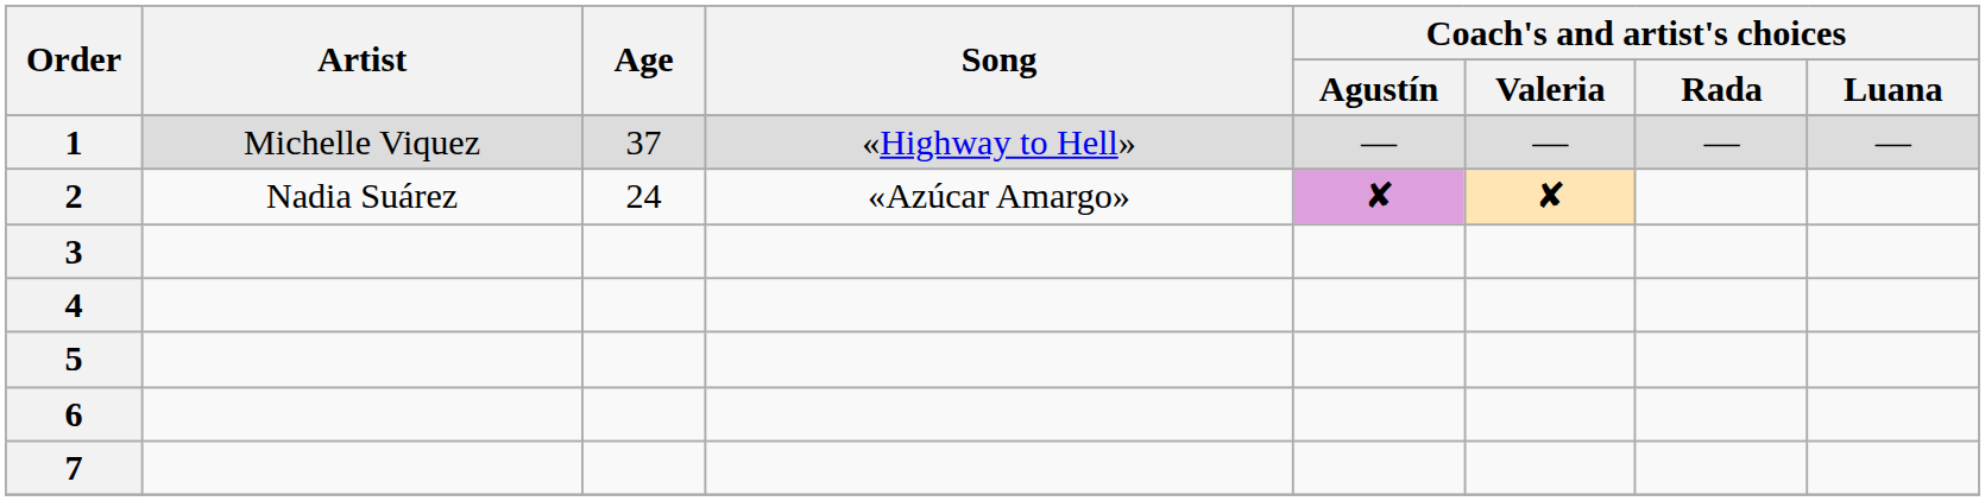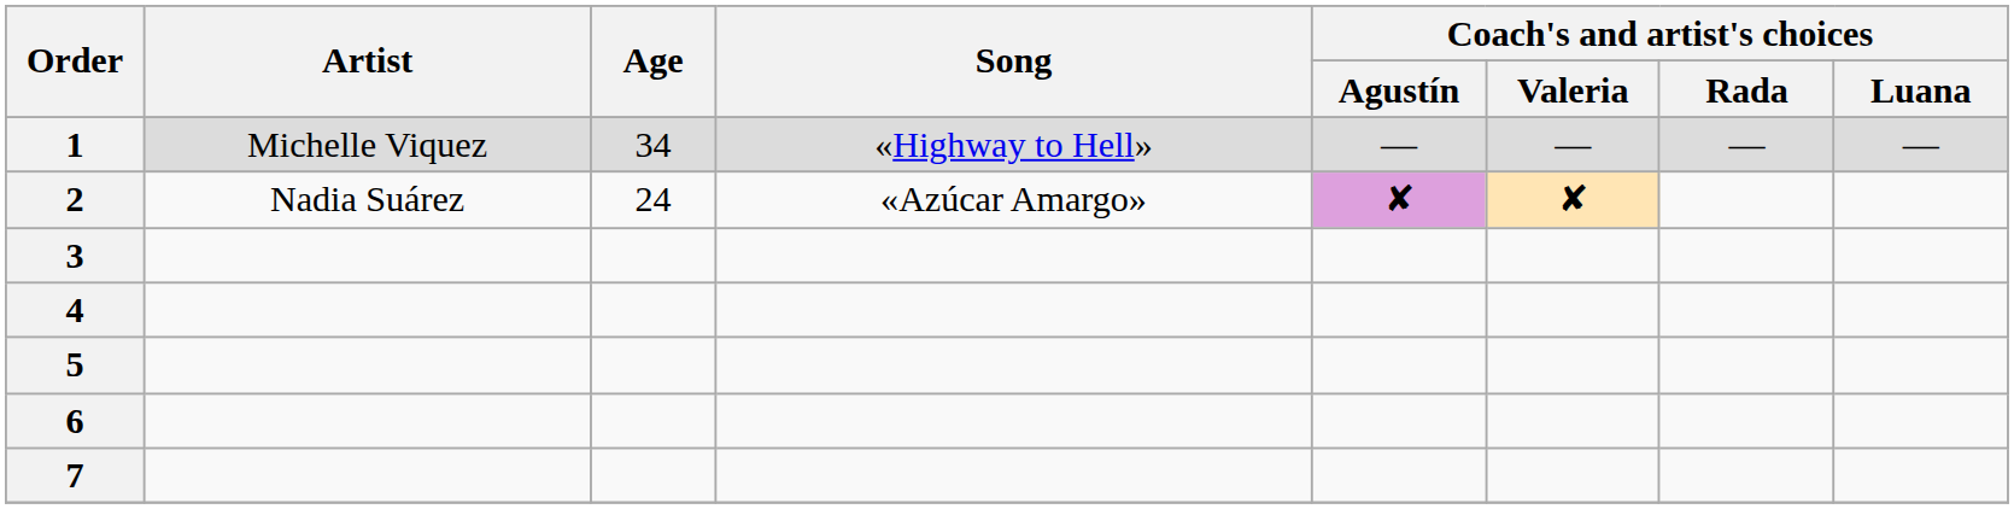 <table class="wikitable" style="text-align:center; line-height:17px; width:100%">
 <tr>
 <th scope="col" rowspan="2" style="width:05%">Order</th>
 <th scope="col" rowspan="2" style="width:18%">Artist</th>
 <th scope="col" rowspan="2" style="width:05%">Age</th>
 <th scope="col" rowspan="2" style="width:24%">Song</th>
 <th scope="col" colspan="4" style="width:28%">Coach's and artist's choices</th>
 </tr>
 <tr>
 <th style="width:07%">Agustín</th>
 <th style="width:07%">Valeria</th>
 <th style="width:07%">Rada</th>
 <th style="width:07%">Luana</th>
 </tr>
 <tr style="background:#dcdcdc">
 <th>1</th>
 <td>Michelle Viquez</td>
-<td>37</td>
+<td>34</td>
 <td>«<a href='#'>Highway to Hell</a>»</td>
 <td>—</td>
 <td>—</td>
 <td>—</td>
 <td>—</td>
 </tr>
 <tr>
 <th>2</th>
 <td>Nadia Suárez</td>
 <td>24</td>
 <td>«Azúcar Amargo»</td>
 <td style="background:#dda0dd">✘</td>
 <td style="background:#ffe5b4">✘</td>
 <td></td>
 <td></td>
 </tr>
 <tr>
 <th>3</th>
 <td></td>
 <td></td>
 <td></td>
 <td></td>
 <td></td>
 <td></td>
 <td></td>
 </tr>
 <tr>
 <th>4</th>
 <td></td>
 <td></td>
 <td></td>
 <td></td>
 <td></td>
 <td></td>
 <td></td>
 </tr>
 <tr>
 <th>5</th>
 <td></td>
 <td></td>
 <td></td>
 <td></td>
 <td></td>
 <td></td>
 <td></td>
 </tr>
 <tr>
 <th>6</th>
 <td></td>
 <td></td>
 <td></td>
 <td></td>
 <td></td>
 <td></td>
 <td></td>
 </tr>
 <tr>
 <th>7</th>
 <td></td>
 <td></td>
 <td></td>
 <td></td>
 <td></td>
 <td></td>
 <td></td>
 </tr>
 <tr>
 </tr>
 </table>
